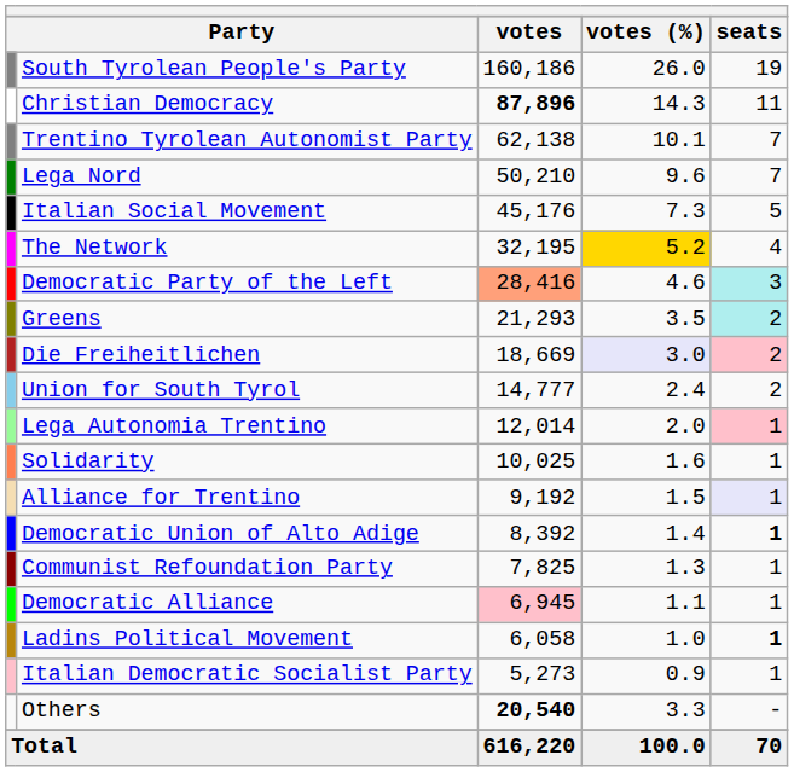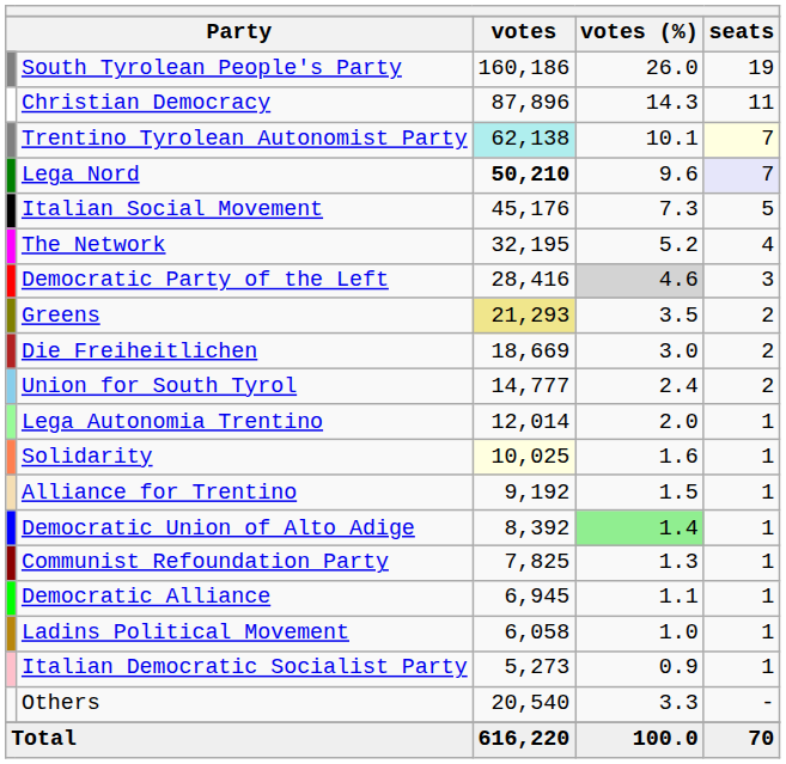 <table class="wikitable" style="font-size:95%">
 <tr>
 <th colspan=5></th>
 </tr>
 <tr>
 </tr>
 <tr bgcolor="EFEFEF">
 <th colspan=2>Party</th>
 <th>votes</th>
 <th>votes (%)</th>
 <th>seats</th>
 </tr>
 <tr>
 <td bgcolor=Gray></td>
 <td><a href='#'>South Tyrolean People's Party</a></td>
 <td align=right>160,186</td>
 <td align=right>26.0</td>
 <td align=right>19</td>
 </tr>
 <tr>
 <td bgcolor=White></td>
 <td><a href='#'>Christian Democracy</a></td>
-<td align=right><strong>87,896</strong></td>
+<td align=right>87,896</td>
 <td align=right>14.3</td>
 <td align=right>11</td>
 </tr>
 <tr>
 <td bgcolor=Gray></td>
 <td><a href='#'>Trentino Tyrolean Autonomist Party</a></td>
-<td align=right>62,138</td>
+<td align=right style="background: paleturquoise;">62,138</td>
 <td align=right>10.1</td>
-<td align=right>7</td>
+<td align=right style="background: lightyellow;">7</td>
 </tr>
 <tr>
 <td bgcolor=Green></td>
 <td><a href='#'>Lega Nord</a></td>
-<td align=right>50,210</td>
+<td align=right><strong>50,210</strong></td>
 <td align=right>9.6</td>
-<td align=right>7</td>
+<td align=right style="background: lavender;">7</td>
 </tr>
 <tr>
 <td bgcolor=Black></td>
 <td><a href='#'>Italian Social Movement</a></td>
 <td align=right>45,176</td>
 <td align=right>7.3</td>
 <td align=right>5</td>
 </tr>
 <tr>
 <td bgcolor=Fuchsia></td>
 <td><a href='#'>The Network</a></td>
 <td align=right>32,195</td>
-<td align=right style="background: gold;">5.2</td>
+<td align=right>5.2</td>
 <td align=right>4</td>
 </tr>
 <tr>
 <td bgcolor=Red></td>
 <td><a href='#'>Democratic Party of the Left</a></td>
-<td align=right style="background: lightsalmon;">28,416</td>
-<td align=right>4.6</td>
-<td align=right style="background: paleturquoise;">3</td>
+<td align=right>28,416</td>
+<td align=right style="background: lightgrey;">4.6</td>
+<td align=right>3</td>
 </tr>
 <tr>
 <td bgcolor=Olive></td>
 <td><a href='#'>Greens</a></td>
-<td align=right>21,293</td>
+<td align=right style="background: khaki;">21,293</td>
 <td align=right>3.5</td>
-<td align=right style="background: paleturquoise;">2</td>
+<td align=right>2</td>
 </tr>
 <tr>
 <td bgcolor=Firebrick></td>
 <td><a href='#'>Die Freiheitlichen</a></td>
 <td align=right>18,669</td>
-<td align=right style="background: lavender;">3.0</td>
-<td align=right style="background: pink;">2</td>
+<td align=right>3.0</td>
+<td align=right>2</td>
 </tr>
 <tr>
 <td bgcolor=Skyblue></td>
 <td><a href='#'>Union for South Tyrol</a></td>
 <td align=right>14,777</td>
 <td align=right>2.4</td>
 <td align=right>2</td>
 </tr>
 <tr>
 <td bgcolor=Palegreen></td>
 <td><a href='#'>Lega Autonomia Trentino</a></td>
 <td align=right>12,014</td>
 <td align=right>2.0</td>
-<td align=right style="background: pink;">1</td>
+<td align=right>1</td>
 </tr>
 <tr>
 <td bgcolor=Coral></td>
 <td><a href='#'>Solidarity</a></td>
-<td align=right>10,025</td>
+<td align=right style="background: lightyellow;">10,025</td>
 <td align=right>1.6</td>
 <td align=right>1</td>
 </tr>
 <tr>
 <td bgcolor=Wheat></td>
 <td><a href='#'>Alliance for Trentino</a></td>
 <td align=right>9,192</td>
 <td align=right>1.5</td>
-<td align=right style="background: lavender;">1</td>
+<td align=right>1</td>
 </tr>
 <tr>
 <td bgcolor=Blue></td>
 <td><a href='#'>Democratic Union of Alto Adige</a></td>
 <td align=right>8,392</td>
-<td align=right>1.4</td>
-<td align=right><strong>1</strong></td>
+<td align=right style="background: lightgreen;">1.4</td>
+<td align=right>1</td>
 </tr>
 <tr>
 <td bgcolor=Darkred></td>
 <td><a href='#'>Communist Refoundation Party</a></td>
 <td align=right>7,825</td>
 <td align=right>1.3</td>
 <td align=right>1</td>
 </tr>
 <tr>
 <td bgcolor=Lime></td>
 <td><a href='#'>Democratic Alliance</a></td>
-<td align=right style="background: pink;">6,945</td>
+<td align=right>6,945</td>
 <td align=right>1.1</td>
 <td align=right>1</td>
 </tr>
 <tr>
 <td bgcolor=Darkgoldenrod></td>
 <td><a href='#'>Ladins Political Movement</a></td>
 <td align=right>6,058</td>
 <td align=right>1.0</td>
-<td align=right><strong>1</strong></td>
+<td align=right>1</td>
 </tr>
 <tr>
 <td bgcolor=Pink></td>
 <td><a href='#'>Italian Democratic Socialist Party</a></td>
 <td align=right>5,273</td>
 <td align=right>0.9</td>
 <td align=right>1</td>
 </tr>
 <tr>
 <td bgcolor=></td>
 <td>Others</td>
-<td align=right><strong>20,540</strong></td>
+<td align=right>20,540</td>
 <td align=right>3.3</td>
 <td align=right>-</td>
 </tr>
 <tr>
 </tr>
 <tr bgcolor="EFEFEF">
 <td colspan=2><strong>Total</strong></td>
 <td align=right><strong>616,220</strong></td>
 <td align=right><strong>100.0</strong></td>
 <td align=right><strong>70</strong></td>
 </tr>
 </table>
